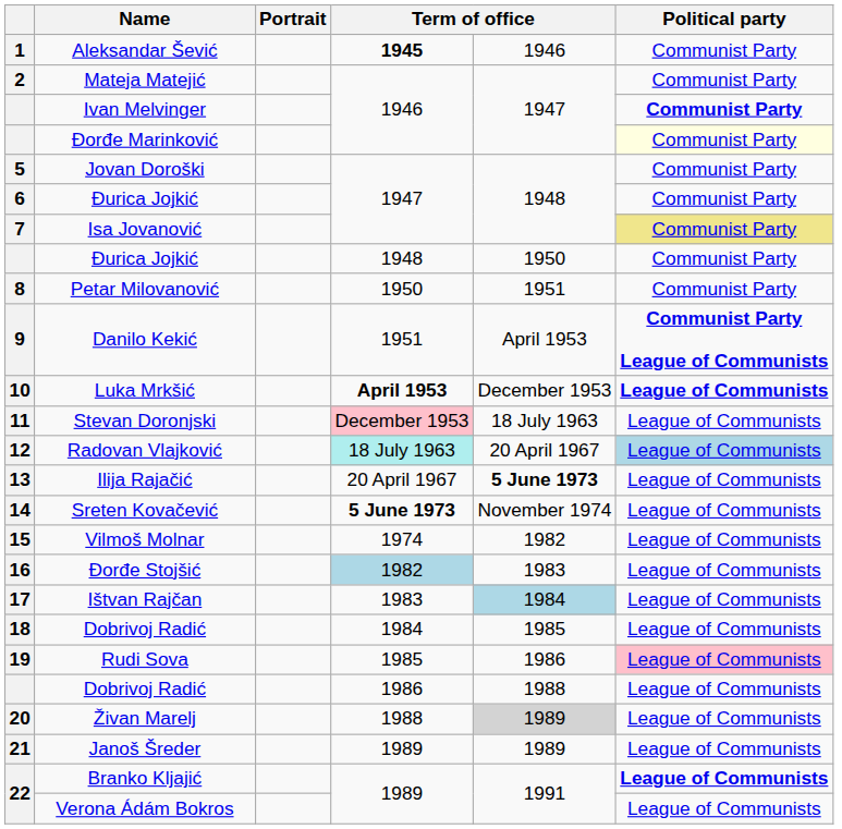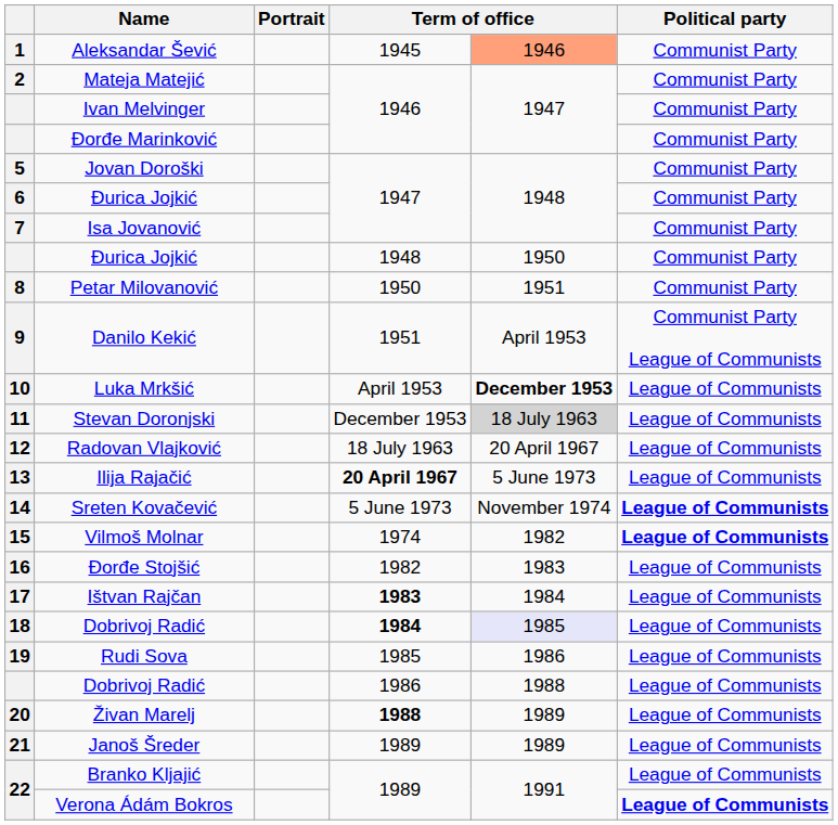 <table class="wikitable" style="text-align:center">
 <tr>
 <th></th>
 <th width=180>Name<br></th>
 <th>Portrait</th>
 <th colspan=2>Term of office</th>
 <th>Political party</th>
 </tr>
 <tr>
 <th style="background:">1</th>
 <td><a href='#'>Aleksandar Šević</a><br></td>
 <td></td>
-<td><strong>1945</strong></td>
-<td>1946</td>
+<td>1945</td>
+<td style="background: lightsalmon;">1946</td>
 <td><a href='#'>Communist Party</a></td>
 </tr>
 <tr>
 <th style="background:">2</th>
 <td><a href='#'>Mateja Matejić</a></td>
 <td></td>
 <td rowspan="3">1946</td>
 <td rowspan="3">1947</td>
 <td><a href='#'>Communist Party</a></td>
 </tr>
 <tr>
 <th style="background:"></th>
 <td><a href='#'>Ivan Melvinger</a></td>
 <td></td>
-<td><strong><a href='#'>Communist Party</a></strong></td>
+<td><a href='#'>Communist Party</a></td>
 </tr>
 <tr>
 <th style="background:"></th>
 <td><a href='#'>Đorđe Marinković</a><br></td>
 <td></td>
-<td style="background: lightyellow;"><a href='#'>Communist Party</a></td>
+<td><a href='#'>Communist Party</a></td>
 </tr>
 <tr>
 <th style="background:">5</th>
 <td><a href='#'>Jovan Doroški</a></td>
 <td></td>
 <td rowspan="3">1947</td>
 <td rowspan="3">1948</td>
 <td><a href='#'>Communist Party</a></td>
 </tr>
 <tr>
 <th style="background:">6</th>
 <td><a href='#'>Đurica Jojkić</a><br></td>
 <td></td>
 <td><a href='#'>Communist Party</a></td>
 </tr>
 <tr>
 <th style="background:">7</th>
 <td><a href='#'>Isa Jovanović</a><br></td>
 <td></td>
-<td style="background: khaki;"><a href='#'>Communist Party</a></td>
+<td><a href='#'>Communist Party</a></td>
 </tr>
 <tr>
 <th style="background:"></th>
 <td><a href='#'>Đurica Jojkić</a><br></td>
 <td></td>
 <td>1948</td>
 <td>1950</td>
 <td><a href='#'>Communist Party</a></td>
 </tr>
 <tr>
 <th style="background:">8</th>
 <td><a href='#'>Petar Milovanović</a></td>
 <td></td>
 <td>1950</td>
 <td>1951</td>
 <td><a href='#'>Communist Party</a></td>
 </tr>
 <tr>
 <th style="background:">9</th>
 <td><a href='#'>Danilo Kekić</a><br></td>
 <td></td>
 <td>1951</td>
 <td>April 1953</td>
-<td><strong><a href='#'>Communist Party</a><br><br><a href='#'>League of Communists</a></strong></td>
+<td><a href='#'>Communist Party</a><br><br><a href='#'>League of Communists</a></td>
 </tr>
 <tr>
 <th style="background:">10</th>
 <td><a href='#'>Luka Mrkšić</a><br></td>
 <td></td>
-<td><strong>April 1953</strong></td>
-<td>December 1953</td>
-<td><strong><a href='#'>League of Communists</a></strong></td>
+<td>April 1953</td>
+<td><strong>December 1953</strong></td>
+<td><a href='#'>League of Communists</a></td>
 </tr>
 <tr>
 <th style="background:">11</th>
 <td><a href='#'>Stevan Doronjski</a><br></td>
 <td></td>
-<td style="background: pink;">December 1953</td>
-<td>18 July 1963</td>
+<td>December 1953</td>
+<td style="background: lightgrey;">18 July 1963</td>
 <td><a href='#'>League of Communists</a></td>
 </tr>
 <tr>
 <th style="background:">12</th>
 <td><a href='#'>Radovan Vlajković</a><br></td>
 <td></td>
-<td style="background: paleturquoise;">18 July 1963</td>
+<td>18 July 1963</td>
 <td>20 April 1967</td>
-<td style="background: lightblue;"><a href='#'>League of Communists</a></td>
+<td><a href='#'>League of Communists</a></td>
 </tr>
 <tr>
 <th style="background:">13</th>
 <td><a href='#'>Ilija Rajačić</a><br></td>
 <td></td>
-<td>20 April 1967</td>
-<td><strong>5 June 1973</strong></td>
+<td><strong>20 April 1967</strong></td>
+<td>5 June 1973</td>
 <td><a href='#'>League of Communists</a></td>
 </tr>
 <tr>
 <th style="background:">14</th>
 <td><a href='#'>Sreten Kovačević</a><br></td>
 <td></td>
-<td><strong>5 June 1973</strong></td>
+<td>5 June 1973</td>
 <td>November 1974</td>
-<td><a href='#'>League of Communists</a></td>
+<td><strong><a href='#'>League of Communists</a></strong></td>
 </tr>
 <tr>
 <th style="background:">15</th>
 <td><a href='#'>Vilmoš Molnar</a><br></td>
 <td></td>
 <td>1974</td>
 <td>1982</td>
-<td><a href='#'>League of Communists</a></td>
+<td><strong><a href='#'>League of Communists</a></strong></td>
 </tr>
 <tr>
 <th style="background:">16</th>
 <td><a href='#'>Đorđe Stojšić</a><br></td>
 <td></td>
-<td style="background: lightblue;">1982</td>
+<td>1982</td>
 <td>1983</td>
 <td><a href='#'>League of Communists</a></td>
 </tr>
 <tr>
 <th style="background:">17</th>
 <td><a href='#'>Ištvan Rajčan</a><br></td>
 <td></td>
-<td>1983</td>
-<td style="background: lightblue;">1984</td>
+<td><strong>1983</strong></td>
+<td>1984</td>
 <td><a href='#'>League of Communists</a></td>
 </tr>
 <tr>
 <th style="background:">18</th>
 <td><a href='#'>Dobrivoj Radić</a><br></td>
 <td></td>
-<td>1984</td>
-<td>1985</td>
+<td><strong>1984</strong></td>
+<td style="background: lavender;">1985</td>
 <td><a href='#'>League of Communists</a></td>
 </tr>
 <tr>
 <th style="background:">19</th>
 <td><a href='#'>Rudi Sova</a></td>
 <td></td>
 <td>1985</td>
 <td>1986</td>
-<td style="background: pink;"><a href='#'>League of Communists</a></td>
+<td><a href='#'>League of Communists</a></td>
 </tr>
 <tr>
 <th style="background:"></th>
 <td><a href='#'>Dobrivoj Radić</a><br></td>
 <td></td>
 <td>1986</td>
 <td>1988</td>
 <td><a href='#'>League of Communists</a></td>
 </tr>
 <tr>
 <th style="background:">20</th>
 <td><a href='#'>Živan Marelj</a><br></td>
 <td></td>
-<td>1988</td>
-<td style="background: lightgrey;">1989</td>
+<td><strong>1988</strong></td>
+<td>1989</td>
 <td><a href='#'>League of Communists</a></td>
 </tr>
 <tr>
 <th style="background:">21</th>
 <td><a href='#'>Janoš Šreder</a></td>
 <td></td>
 <td>1989</td>
 <td>1989</td>
 <td><a href='#'>League of Communists</a></td>
 </tr>
 <tr>
 <th rowspan=2 style="background:">22</th>
 <td><a href='#'>Branko Kljajić</a></td>
 <td></td>
 <td rowspan=2>1989</td>
 <td rowspan=2>1991</td>
-<td><strong><a href='#'>League of Communists</a></strong></td>
+<td><a href='#'>League of Communists</a></td>
 </tr>
 <tr>
 <td><a href='#'>Verona Ádám Bokros</a><br></td>
 <td></td>
-<td><a href='#'>League of Communists</a></td>
+<td><strong><a href='#'>League of Communists</a></strong></td>
 </tr>
 </table>
